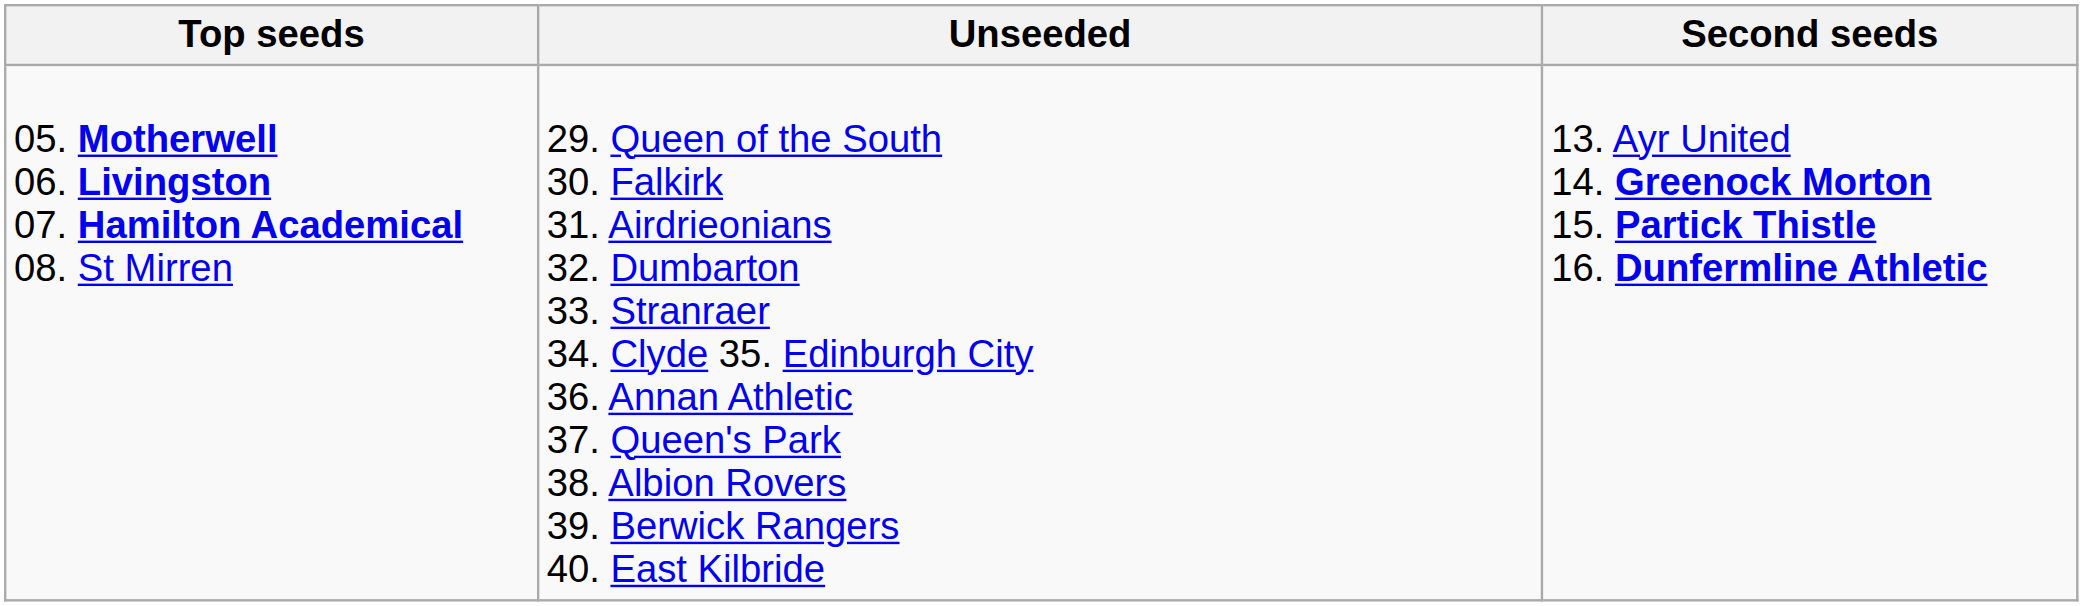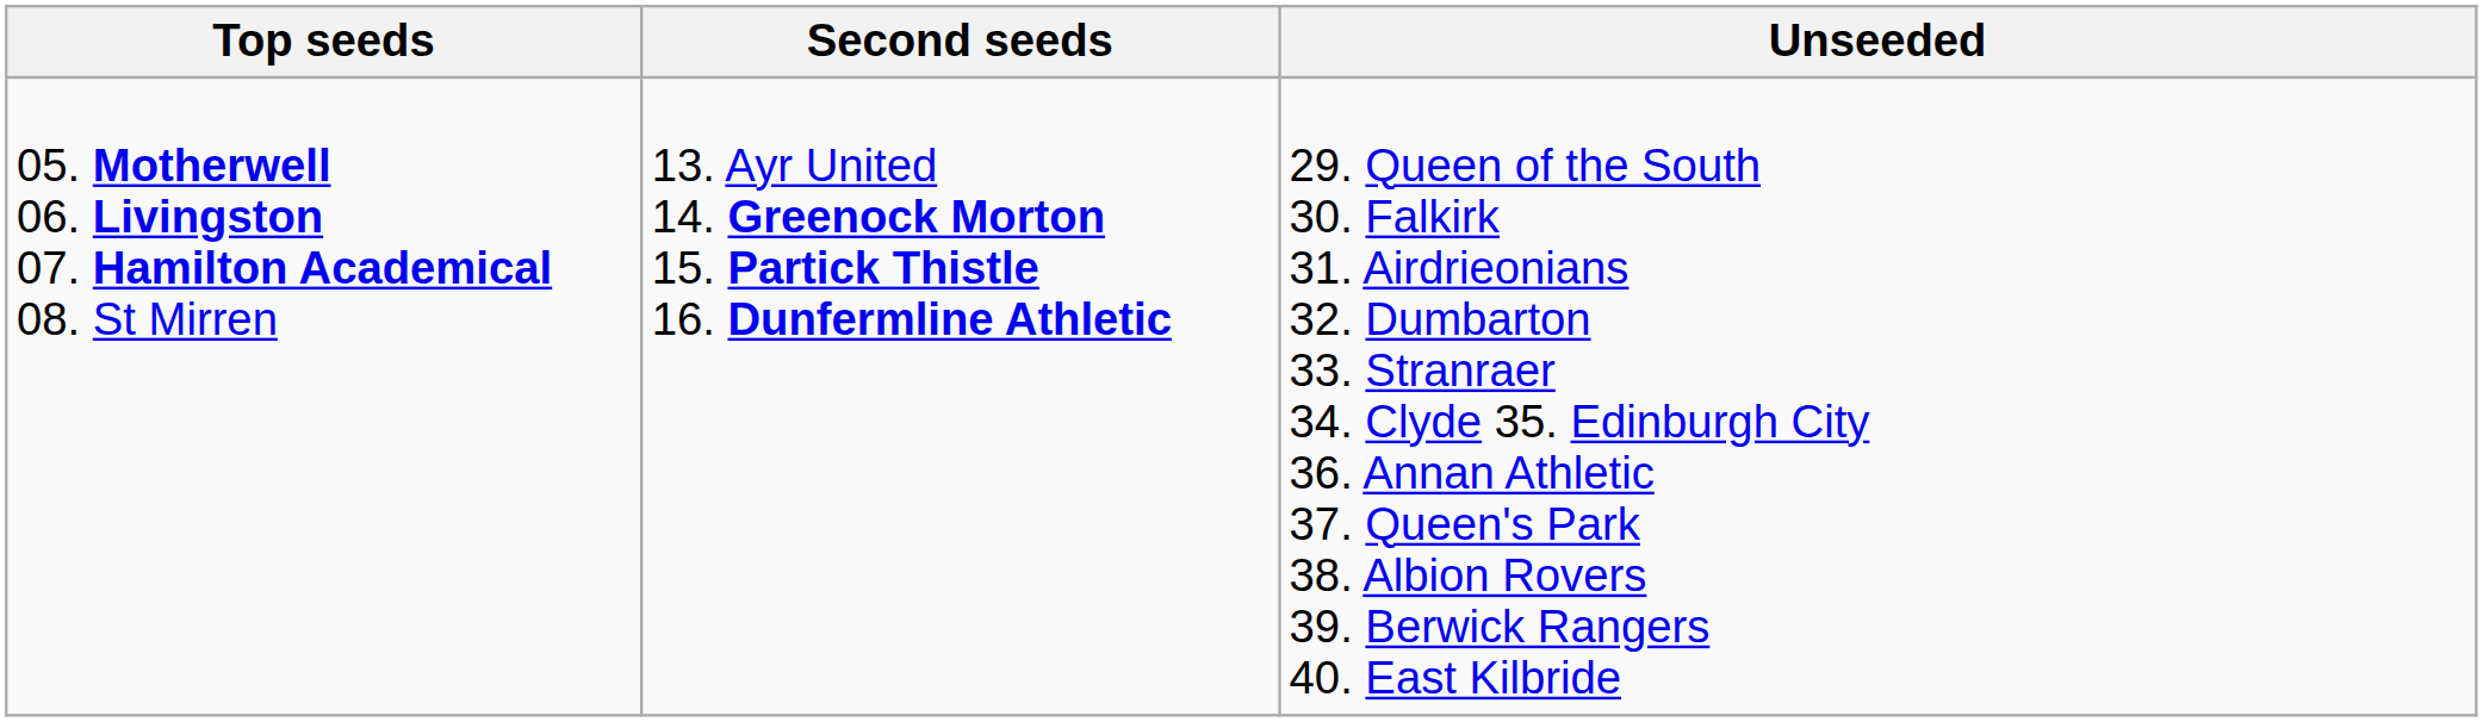 <table class="wikitable">
 <tr>
 <th style="width:250px;">Top seeds</th>
+<th style="width:250px;">Second seeds</th>
 <th style="width:500px;">Unseeded</th>
-<th style="width:250px;">Second seeds</th>
 </tr>
 <tr>
 <td valign=top><br>05. <strong><a href='#'>Motherwell</a></strong><br> 06. <strong><a href='#'>Livingston</a></strong><br> 07. <strong><a href='#'>Hamilton Academical</a></strong><br> 08. <a href='#'>St Mirren</a></td>
+<td valign=top><br>13. <a href='#'>Ayr United</a><br> 14. <strong><a href='#'>Greenock Morton</a></strong><br> 15. <strong><a href='#'>Partick Thistle</a></strong><br> 16. <strong><a href='#'>Dunfermline Athletic</a></strong></td>
 <td valign=top><br>  29. <a href='#'>Queen of the South</a><br> 30. <a href='#'>Falkirk</a><br> 31. <a href='#'>Airdrieonians</a><br> 32. <a href='#'>Dumbarton</a><br> 33. <a href='#'>Stranraer</a><br> 34. <a href='#'>Clyde</a>  35. <a href='#'>Edinburgh City</a><br> 36. <a href='#'>Annan Athletic</a><br> 37. <a href='#'>Queen's Park</a><br> 38. <a href='#'>Albion Rovers</a><br> 39. <a href='#'>Berwick Rangers</a><br> 40. <a href='#'>East Kilbride</a><br> </td>
-<td valign=top><br>13. <a href='#'>Ayr United</a><br> 14. <strong><a href='#'>Greenock Morton</a></strong><br> 15. <strong><a href='#'>Partick Thistle</a></strong><br> 16. <strong><a href='#'>Dunfermline Athletic</a></strong></td>
 </tr>
 </table>
